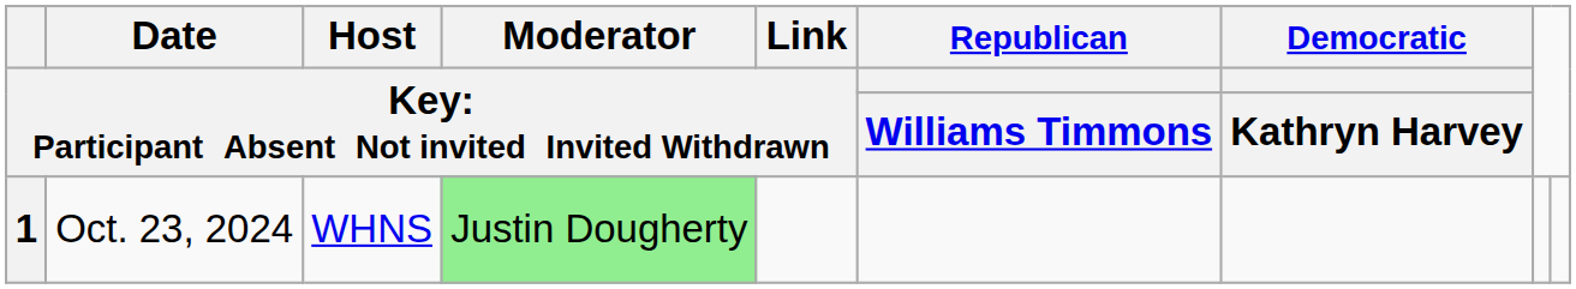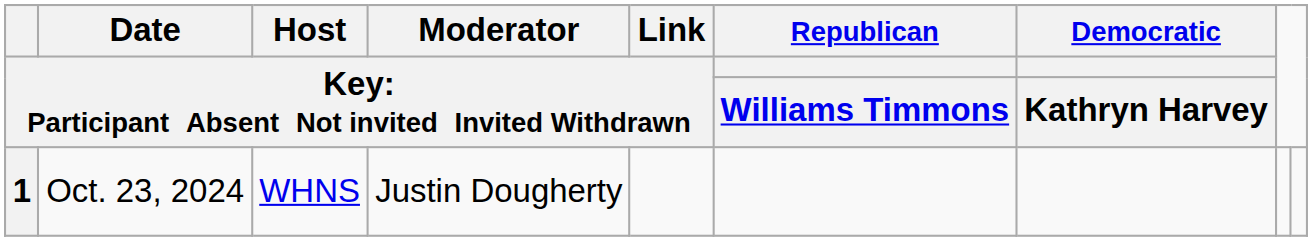 <table class="wikitable" style="text-align:center;">
 <tr>
 <th scope="col"></th>
 <th scope="col">Date</th>
 <th scope="col">Host</th>
 <th scope="col">Moderator</th>
 <th scope="col">Link</th>
 <th scope="col"><small><a href='#'>Republican</a></small></th>
 <th scope="col"><small><a href='#'>Democratic</a></small></th>
 </tr>
 <tr>
 <th colspan="5" rowspan="2">Key:<br> <small>Participant </small>  <small>Absent </small>  <small>Not invited </small>  <small>Invited  Withdrawn</small></th>
 <th scope="col" style="background:"></th>
 <th scope="col" style="background:"></th>
 </tr>
 <tr>
 <th scope="col"><a href='#'>Williams Timmons</a></th>
 <th scope="col">Kathryn Harvey</th>
 </tr>
 <tr>
 <th>1</th>
 <td style="white-space:nowrap;">Oct. 23, 2024</td>
 <td style="white-space:nowrap;"><a href='#'>WHNS</a></td>
-<td style="background: lightgreen; white-space:nowrap;">Justin Dougherty</td>
+<td style="white-space:nowrap;">Justin Dougherty</td>
 <td style="white-space:nowrap;"><br><br></td>
 <td></td>
 <td></td>
 <td></td>
 <td></td>
 </tr>
 </table>
